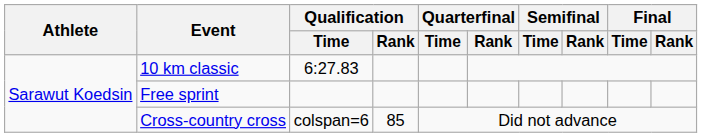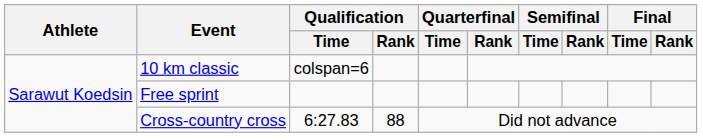 <table class="wikitable" style="font-size:90%">
 <tr>
 <th rowspan="2">Athlete</th>
 <th rowspan="2">Event</th>
 <th colspan="2">Qualification</th>
 <th colspan="2">Quarterfinal</th>
 <th colspan="2">Semifinal</th>
 <th colspan="2">Final</th>
 </tr>
 <tr style="font-size:95%">
 <th>Time</th>
 <th>Rank</th>
 <th>Time</th>
 <th>Rank</th>
 <th>Time</th>
 <th>Rank</th>
 <th>Time</th>
 <th>Rank</th>
 </tr>
 <tr align=center>
 <td align=left rowspan=3><a href='#'>Sarawut Koedsin</a></td>
 <td align=left><a href='#'>10 km classic</a></td>
-<td>6:27.83</td>
+<td>colspan=6 </td>
 <td></td>
 <td></td>
 </tr>
 <tr align=center>
 <td align=left><a href='#'>Free sprint</a></td>
 <td></td>
 <td></td>
 <td></td>
 <td></td>
 <td></td>
 <td></td>
 <td></td>
 <td></td>
 </tr>
 <tr align=center>
 <td align=left><a href='#'>Cross-country cross</a></td>
-<td>colspan=6 </td>
-<td>85</td>
+<td>6:27.83</td>
+<td>88</td>
 <td colspan="6">Did not advance</td>
 </tr>
 </table>
